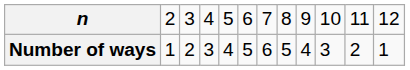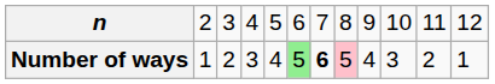 <table class="wikitable">
 <tr>
 <th scope="row"><em>n</em></th>
 <td>2</td>
 <td>3</td>
 <td>4</td>
 <td>5</td>
 <td>6</td>
 <td>7</td>
 <td>8</td>
 <td>9</td>
 <td>10</td>
 <td>11</td>
 <td>12</td>
 </tr>
 <tr>
 <th scope="row">Number of ways</th>
 <td>1</td>
 <td>2</td>
 <td>3</td>
 <td>4</td>
-<td>5</td>
-<td>6</td>
-<td>5</td>
+<td style="background: lightgreen;">5</td>
+<td><strong>6</strong></td>
+<td style="background: pink;">5</td>
 <td>4</td>
 <td>3</td>
 <td>2</td>
 <td>1</td>
 </tr>
 </table>
